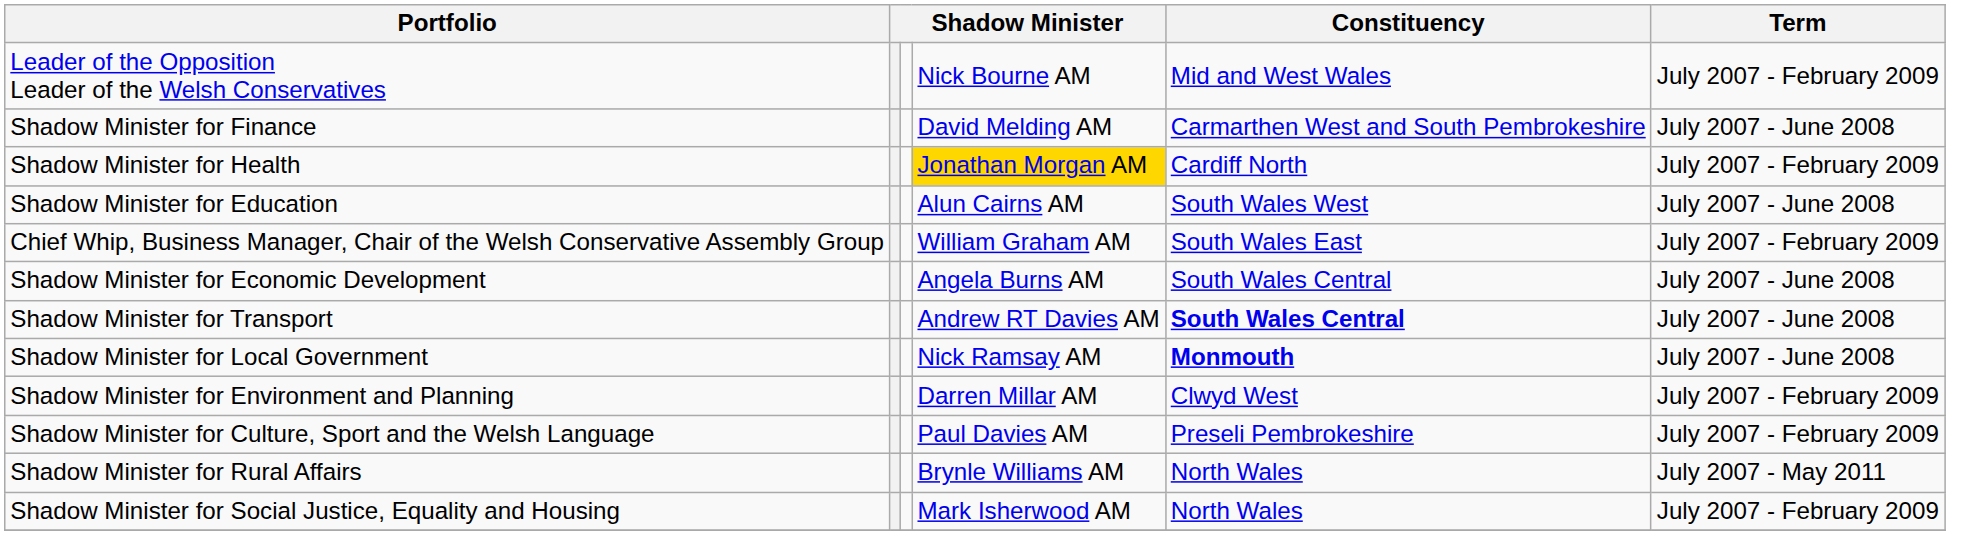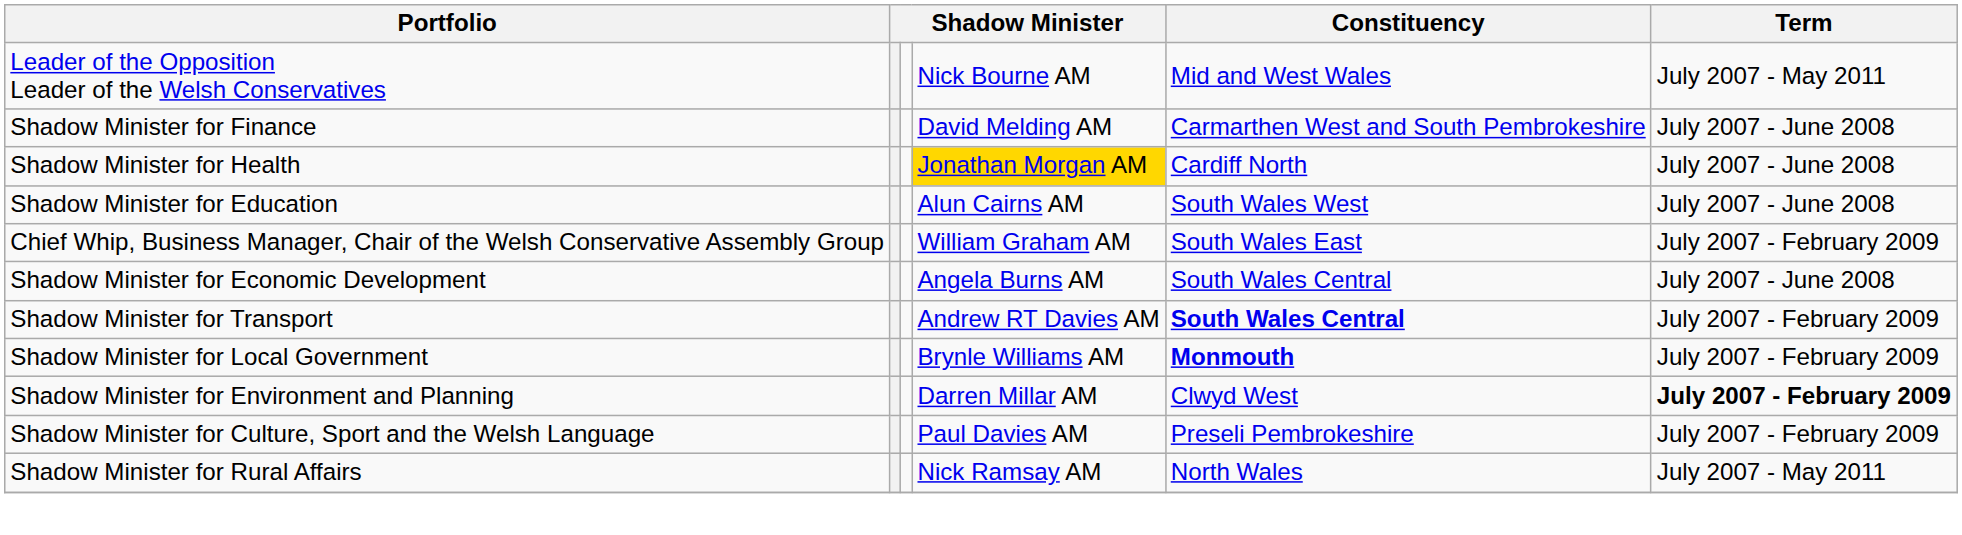 <table class="wikitable">
 <tr>
 <th colspan="1">Portfolio</th>
 <th colspan="3">Shadow Minister</th>
 <th colspan="1">Constituency</th>
 <th colspan="1">Term</th>
 </tr>
 <tr>
 <td><a href='#'>Leader of the Opposition</a> <br> Leader of the <a href='#'>Welsh Conservatives</a></td>
 <th style="background: "></th>
 <td></td>
 <td><a href='#'>Nick Bourne</a> AM</td>
 <td><a href='#'>Mid and West Wales</a></td>
-<td>July 2007 - February 2009</td>
+<td>July 2007 - May 2011</td>
 </tr>
 <tr>
 <td>Shadow Minister for Finance</td>
 <th style="background: "></th>
 <td></td>
 <td><a href='#'>David Melding</a> AM</td>
 <td><a href='#'>Carmarthen West and South Pembrokeshire</a></td>
 <td>July 2007 - June 2008</td>
 </tr>
 <tr>
 <td>Shadow Minister for Health</td>
 <th style="background: "></th>
 <td></td>
 <td style="background: gold;"><a href='#'>Jonathan Morgan</a> AM</td>
 <td><a href='#'>Cardiff North</a></td>
-<td>July 2007 - February 2009</td>
+<td>July 2007 - June 2008</td>
 </tr>
 <tr>
 <td>Shadow Minister for Education</td>
 <th style="background: "></th>
 <td></td>
 <td><a href='#'>Alun Cairns</a> AM</td>
 <td><a href='#'>South Wales West</a></td>
 <td>July 2007 - June 2008</td>
 </tr>
 <tr>
 <td>Chief Whip, Business Manager, Chair of the Welsh Conservative Assembly Group</td>
 <th style="background: "></th>
 <td></td>
 <td><a href='#'>William Graham</a> AM</td>
 <td><a href='#'>South Wales East</a></td>
 <td>July 2007 - February 2009</td>
 </tr>
 <tr>
 <td>Shadow Minister for Economic Development</td>
 <th style="background: "></th>
 <td></td>
 <td><a href='#'>Angela Burns</a> AM</td>
 <td><a href='#'>South Wales Central</a></td>
 <td>July 2007 - June 2008</td>
 </tr>
 <tr>
 <td>Shadow Minister for Transport</td>
 <th style="background: "></th>
 <td></td>
 <td><a href='#'>Andrew RT Davies</a> AM</td>
 <td><strong><a href='#'>South Wales Central</a></strong></td>
-<td>July 2007 - June 2008</td>
+<td>July 2007 - February 2009</td>
 </tr>
 <tr>
 <td>Shadow Minister for Local Government</td>
 <th style="background: "></th>
 <td></td>
-<td><a href='#'>Nick Ramsay</a> AM</td>
+<td><a href='#'>Brynle Williams</a> AM</td>
 <td><strong><a href='#'>Monmouth</a></strong></td>
-<td>July 2007 - June 2008</td>
+<td>July 2007 - February 2009</td>
 </tr>
 <tr>
 <td>Shadow Minister for Environment and Planning</td>
 <th style="background: "></th>
 <td></td>
 <td><a href='#'>Darren Millar</a> AM</td>
 <td><a href='#'>Clwyd West</a></td>
-<td>July 2007 - February 2009</td>
+<td><strong>July 2007 - February 2009</strong></td>
 </tr>
 <tr>
 <td>Shadow Minister for Culture, Sport and the Welsh Language</td>
 <th style="background: "></th>
 <td></td>
 <td><a href='#'>Paul Davies</a> AM</td>
 <td><a href='#'>Preseli Pembrokeshire</a></td>
 <td>July 2007 - February 2009</td>
 </tr>
 <tr>
 <td>Shadow Minister for Rural Affairs</td>
 <th style="background: "></th>
 <td></td>
-<td><a href='#'>Brynle Williams</a> AM</td>
+<td><a href='#'>Nick Ramsay</a> AM</td>
 <td><a href='#'>North Wales</a></td>
 <td>July 2007 - May 2011</td>
 </tr>
 <tr>
-<td>Shadow Minister for Social Justice, Equality and Housing</td>
-<th style="background: "></th>
-<td></td>
-<td><a href='#'>Mark Isherwood</a> AM</td>
-<td><a href='#'>North Wales</a></td>
-<td>July 2007 - February 2009</td>
-</tr>
-<tr>
 </tr>
 </table>
